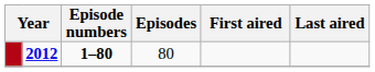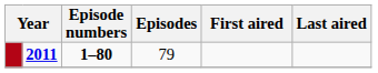 <table class="wikitable" style="text-align:center">
 <tr>
 <th style="padding:0 9px;" colspan="2">Year</th>
 <th style="padding:0 4px;">Episode<br>numbers</th>
 <th style="padding:0 4px;">Episodes</th>
 <th style="padding:0 8px;">First aired</th>
 <th style="padding:0 4px;">Last aired</th>
 </tr>
 <tr>
 <td style="background:#B30415;padding:0 8px;  "></td>
-<td><strong><a href='#'>2012</a></strong></td>
+<td><strong><a href='#'>2011</a></strong></td>
 <td><strong>1–80</strong></td>
-<td>80</td>
+<td>79</td>
 <td></td>
 <td></td>
 </tr>
 <tr>
 </tr>
 </table>
